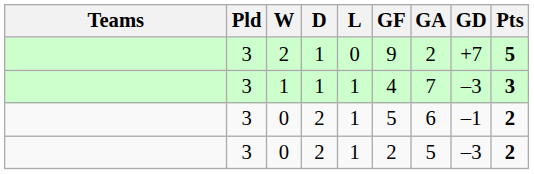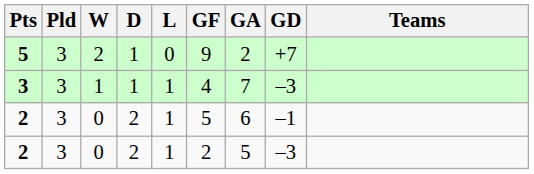 <table class="wikitable" style="text-align: center;">
 <tr>
-<th width=165>Teams</th>
+<th width=20>Pts</th>
 <th width=20>Pld</th>
 <th width=20>W</th>
 <th width=20>D</th>
 <th width=20>L</th>
 <th width=20>GF</th>
 <th width=20>GA</th>
 <th width=20>GD</th>
-<th width=20>Pts</th>
+<th width=165>Teams</th>
 </tr>
 <tr align=center style="background:#ccffcc;">
-<td style="text-align:left;"></td>
+<td><strong>5</strong></td>
 <td>3</td>
 <td>2</td>
 <td>1</td>
 <td>0</td>
 <td>9</td>
 <td>2</td>
 <td>+7</td>
-<td><strong>5</strong></td>
+<td style="text-align:left;"></td>
 </tr>
 <tr align=center style="background:#ccffcc;">
-<td style="text-align:left;"></td>
+<td><strong>3</strong></td>
 <td>3</td>
 <td>1</td>
 <td>1</td>
 <td>1</td>
 <td>4</td>
 <td>7</td>
 <td>–3</td>
-<td><strong>3</strong></td>
+<td style="text-align:left;"></td>
 </tr>
 <tr align=center>
-<td style="text-align:left;"></td>
+<td><strong>2</strong></td>
 <td>3</td>
 <td>0</td>
 <td>2</td>
 <td>1</td>
 <td>5</td>
 <td>6</td>
 <td>–1</td>
-<td><strong>2</strong></td>
+<td style="text-align:left;"></td>
 </tr>
 <tr align=center>
-<td style="text-align:left;"></td>
+<td><strong>2</strong></td>
 <td>3</td>
 <td>0</td>
 <td>2</td>
 <td>1</td>
 <td>2</td>
 <td>5</td>
 <td>–3</td>
-<td><strong>2</strong></td>
+<td style="text-align:left;"></td>
 </tr>
 </table>
